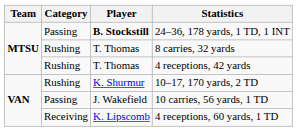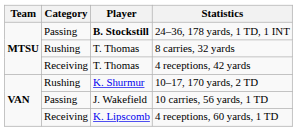 <table class="wikitable" style="float: right;">
 <tr>
 <th>Team</th>
 <th>Category</th>
 <th>Player</th>
 <th>Statistics</th>
 </tr>
 <tr>
 <td rowspan=3><strong>MTSU</strong></td>
 <td>Passing</td>
 <td><strong>B. Stockstill</strong></td>
 <td>24–36, 178 yards, 1 TD, 1 INT</td>
 </tr>
 <tr>
 <td>Rushing</td>
 <td>T. Thomas</td>
 <td>8 carries, 32 yards</td>
 </tr>
 <tr>
-<td>Rushing</td>
+<td>Receiving</td>
 <td>T. Thomas</td>
 <td>4 receptions, 42 yards</td>
 </tr>
 <tr>
 <td rowspan=3><strong>VAN</strong></td>
 <td>Rushing</td>
 <td><a href='#'>K. Shurmur</a></td>
 <td>10–17, 170 yards, 2 TD</td>
 </tr>
 <tr>
 <td>Passing</td>
 <td>J. Wakefield</td>
 <td>10 carries, 56 yards, 1 TD</td>
 </tr>
 <tr>
 <td>Receiving</td>
 <td><a href='#'>K. Lipscomb</a></td>
 <td>4 receptions, 60 yards, 1 TD</td>
 </tr>
 </table>
